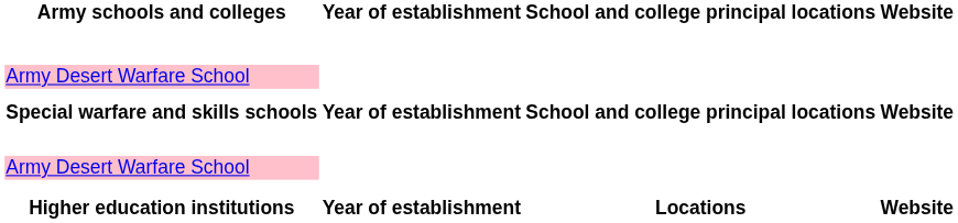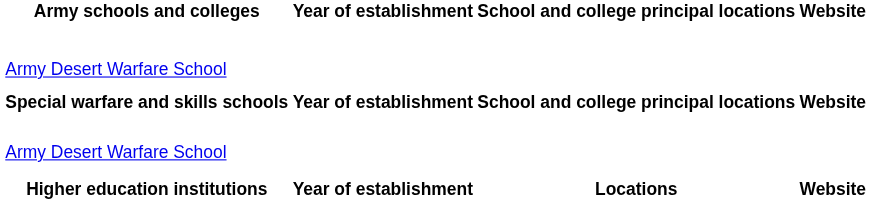 <table class="mw-datatable">
 <tr>
 <th>Army schools and colleges</th>
 <th>Year of establishment</th>
 <th>School and college principal locations</th>
 <th>Website</th>
 </tr>
 <tr>
 <td></td>
 <td></td>
 <td></td>
 <td></td>
 </tr>
 <tr>
 <td></td>
 <td></td>
 <td></td>
 <td></td>
 </tr>
 <tr>
 <td></td>
 <td></td>
 <td></td>
 <td></td>
 </tr>
 <tr>
 <td></td>
 <td></td>
 <td></td>
 <td></td>
 </tr>
 <tr>
 <td></td>
 <td></td>
 <td></td>
 <td></td>
 </tr>
 <tr>
 <td></td>
 <td></td>
 <td></td>
 <td></td>
 </tr>
 <tr>
 <td></td>
 <td></td>
 <td></td>
 <td></td>
 </tr>
 <tr>
 <td></td>
 <td></td>
 <td></td>
 <td></td>
 </tr>
 <tr>
-<td style="background: pink;"><a href='#'>Army Desert Warfare School</a></td>
+<td><a href='#'>Army Desert Warfare School</a></td>
 <td></td>
 <td></td>
 <td></td>
 </tr>
 <tr>
 <td></td>
 <td></td>
 <td></td>
 <td></td>
 </tr>
 <tr>
 <td></td>
 <td></td>
 <td></td>
 <td></td>
 </tr>
 <tr>
 <th>Special warfare and skills schools</th>
 <th>Year of establishment</th>
 <th>School and college principal locations</th>
 <th>Website</th>
 </tr>
 <tr>
 <td></td>
 <td></td>
 <td></td>
 <td></td>
 </tr>
 <tr>
 <td></td>
 <td></td>
 <td></td>
 <td></td>
 </tr>
 <tr>
 <td></td>
 <td></td>
 <td></td>
 <td></td>
 </tr>
 <tr>
 <td></td>
 <td></td>
 <td></td>
 <td></td>
 </tr>
 <tr>
 <td></td>
 <td></td>
 <td></td>
 <td></td>
 </tr>
 <tr>
 <td></td>
 <td></td>
 <td></td>
 <td></td>
 </tr>
 <tr>
-<td style="background: pink;"><a href='#'>Army Desert Warfare School</a></td>
+<td><a href='#'>Army Desert Warfare School</a></td>
 <td></td>
 <td></td>
 <td></td>
 </tr>
 <tr>
 <td></td>
 <td></td>
 <td></td>
 <td></td>
 </tr>
 <tr>
 <td></td>
 <td></td>
 <td></td>
 <td></td>
 </tr>
 <tr>
 <td></td>
 <td></td>
 <td></td>
 <td></td>
 </tr>
 <tr>
 <th>Higher education institutions</th>
 <th>Year of establishment</th>
 <th>Locations</th>
 <th>Website</th>
 </tr>
 <tr>
 <td></td>
 <td></td>
 <td></td>
 <td></td>
 </tr>
 <tr>
 <td></td>
 <td></td>
 <td></td>
 <td></td>
 </tr>
 <tr>
 <td></td>
 <td></td>
 <td></td>
 <td></td>
 </tr>
 <tr>
 </tr>
 </table>
